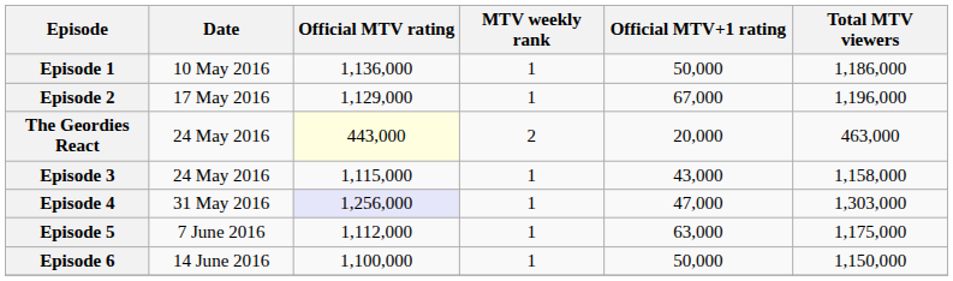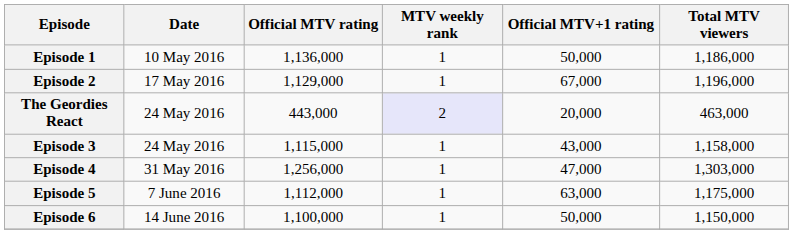 <table class="wikitable sortable" style="text-align:center">
 <tr>
 <th scope="col" style="width:120px;">Episode</th>
 <th scope="col" style="width:120px;">Date</th>
 <th scope="col" style="width:140px;">Official MTV rating</th>
 <th scope="col" style="width:120px;">MTV weekly rank</th>
 <th scope="col" style="width:160px;">Official MTV+1 rating</th>
 <th scope="col" style="width:130px;">Total MTV viewers</th>
 </tr>
 <tr>
 <th scope="row">Episode 1</th>
 <td>10 May 2016</td>
 <td>1,136,000</td>
 <td>1</td>
 <td>50,000</td>
 <td>1,186,000</td>
 </tr>
 <tr>
 <th scope="row">Episode 2</th>
 <td>17 May 2016</td>
 <td>1,129,000</td>
 <td>1</td>
 <td>67,000</td>
 <td>1,196,000</td>
 </tr>
 <tr>
 <th scope="row">The Geordies React</th>
 <td>24 May 2016</td>
-<td style="background: lightyellow;">443,000</td>
-<td>2</td>
+<td>443,000</td>
+<td style="background: lavender;">2</td>
 <td>20,000</td>
 <td>463,000</td>
 </tr>
 <tr>
 <th scope="row">Episode 3</th>
 <td>24 May 2016</td>
 <td>1,115,000</td>
 <td>1</td>
 <td>43,000</td>
 <td>1,158,000</td>
 </tr>
 <tr>
 <th scope="row">Episode 4</th>
 <td>31 May 2016</td>
-<td style="background: lavender;">1,256,000</td>
+<td>1,256,000</td>
 <td>1</td>
 <td>47,000</td>
 <td>1,303,000</td>
 </tr>
 <tr>
 <th scope="row">Episode 5</th>
 <td>7 June 2016</td>
 <td>1,112,000</td>
 <td>1</td>
 <td>63,000</td>
 <td>1,175,000</td>
 </tr>
 <tr>
 <th scope="row">Episode 6</th>
 <td>14 June 2016</td>
 <td>1,100,000</td>
 <td>1</td>
 <td>50,000</td>
 <td>1,150,000</td>
 </tr>
 <tr>
 </tr>
 </table>
